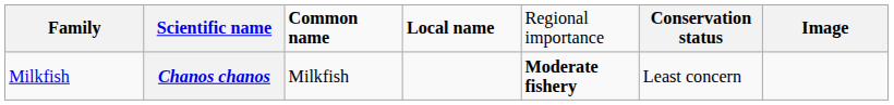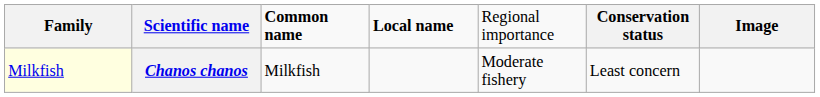 <table class="wikitable sortable">
 <tr>
 <th width=119>Family</th>
 <th width=120><a href='#'>Scientific name</a></th>
 <td width=100><strong>Common name</strong></td>
 <td width=100><strong>Local name</strong></td>
 <td width=100>Regional importance</td>
 <th width=105>Conservation status</th>
 <th width=106>Image</th>
 </tr>
 <tr>
-<td><a href='#'>Milkfish</a></td>
+<td style="background: lightyellow;"><a href='#'>Milkfish</a></td>
 <th><em><a href='#'>Chanos chanos</a></em></th>
 <td>Milkfish</td>
 <td></td>
-<td><strong>Moderate fishery</strong></td>
+<td>Moderate fishery</td>
 <td>Least concern</td>
 <td></td>
 </tr>
 </table>
